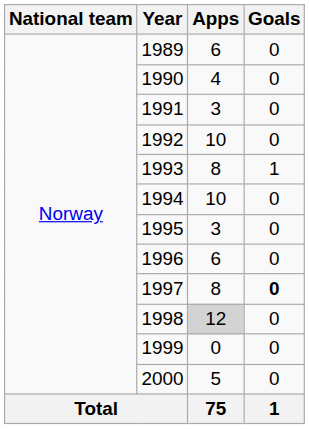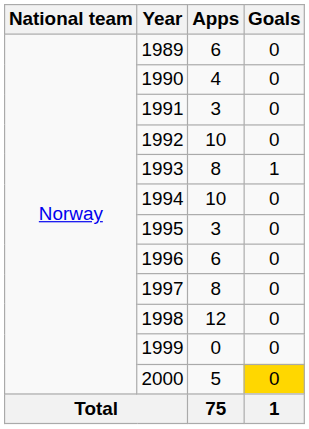 <table class="wikitable" style="text-align:center">
 <tr>
 <th>National team</th>
 <th>Year</th>
 <th>Apps</th>
 <th>Goals</th>
 </tr>
 <tr>
 <td rowspan="12"><a href='#'>Norway</a></td>
 <td>1989</td>
 <td>6</td>
 <td>0</td>
 </tr>
 <tr>
 <td>1990</td>
 <td>4</td>
 <td>0</td>
 </tr>
 <tr>
 <td>1991</td>
 <td>3</td>
 <td>0</td>
 </tr>
 <tr>
 <td>1992</td>
 <td>10</td>
 <td>0</td>
 </tr>
 <tr>
 <td>1993</td>
 <td>8</td>
 <td>1</td>
 </tr>
 <tr>
 <td>1994</td>
 <td>10</td>
 <td>0</td>
 </tr>
 <tr>
 <td>1995</td>
 <td>3</td>
 <td>0</td>
 </tr>
 <tr>
 <td>1996</td>
 <td>6</td>
 <td>0</td>
 </tr>
 <tr>
 <td>1997</td>
 <td>8</td>
-<td><strong>0</strong></td>
+<td>0</td>
 </tr>
 <tr>
 <td>1998</td>
-<td style="background: lightgrey;">12</td>
+<td>12</td>
 <td>0</td>
 </tr>
 <tr>
 <td>1999</td>
 <td>0</td>
 <td>0</td>
 </tr>
 <tr>
 <td>2000</td>
 <td>5</td>
-<td>0</td>
+<td style="background: gold;">0</td>
 </tr>
 <tr>
 <th colspan="2">Total</th>
 <th>75</th>
 <th>1</th>
 </tr>
 </table>
